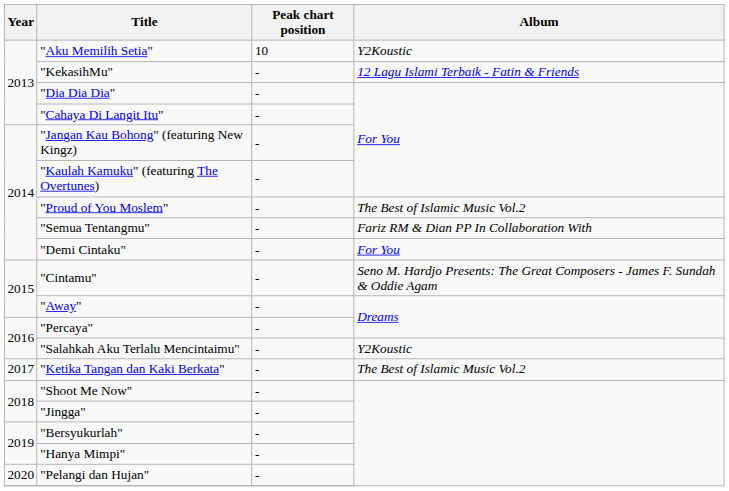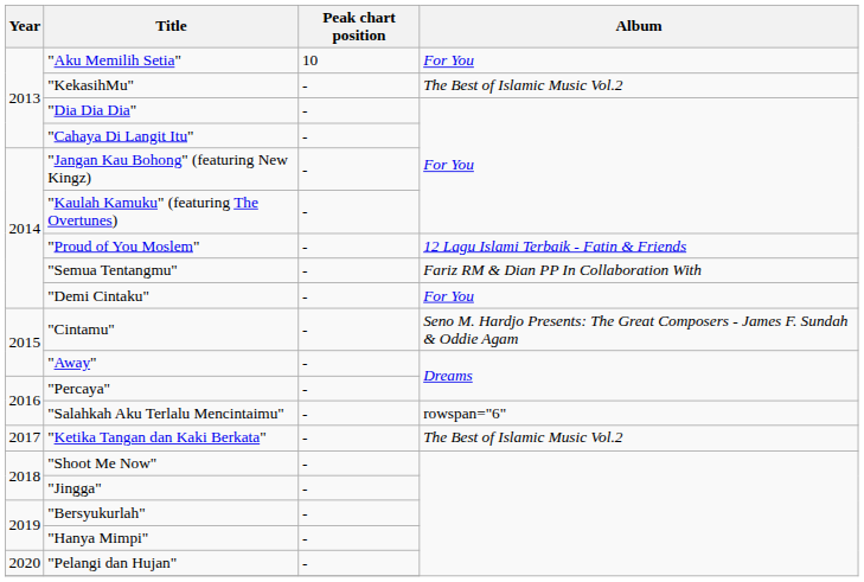 <table class="wikitable plainrowheaders">
 <tr>
 <th width="1em">Year</th>
 <th>Title</th>
 <th>Peak chart position</th>
 <th>Album</th>
 </tr>
 <tr>
 <td rowspan="4">2013</td>
 <td>"<a href='#'>Aku Memilih Setia</a>"</td>
 <td>10</td>
-<td><em>Y2Koustic</em></td>
+<td rowspan="1"><em><a href='#'>For You</a></em></td>
 </tr>
 <tr>
 <td>"KekasihMu"</td>
 <td>-</td>
-<td><em><a href='#'>12 Lagu Islami Terbaik - Fatin & Friends</a></em></td>
+<td><em>The Best of Islamic Music Vol.2</em></td>
 </tr>
 <tr>
 <td>"<a href='#'>Dia Dia Dia</a>"</td>
 <td>-</td>
 <td rowspan="4"><em><a href='#'>For You</a></em></td>
 </tr>
 <tr>
 <td>"<a href='#'>Cahaya Di Langit Itu</a>"</td>
 <td>-</td>
 </tr>
 <tr>
 <td rowspan="5">2014</td>
 <td>"<a href='#'>Jangan Kau Bohong</a>" (featuring New Kingz)</td>
 <td>-</td>
 </tr>
 <tr>
 <td>"<a href='#'>Kaulah Kamuku</a>" (featuring <a href='#'>The Overtunes</a>)</td>
 <td>-</td>
 </tr>
 <tr>
 <td>"<a href='#'>Proud of You Moslem</a>"</td>
 <td>-</td>
-<td><em>The Best of Islamic Music Vol.2</em></td>
+<td><em><a href='#'>12 Lagu Islami Terbaik - Fatin & Friends</a></em></td>
 </tr>
 <tr>
 <td>"Semua Tentangmu"</td>
 <td>-</td>
 <td><em>Fariz RM & Dian PP In Collaboration With</em></td>
 </tr>
 <tr>
 <td>"Demi Cintaku"</td>
 <td>-</td>
 <td><em><a href='#'>For You</a></em></td>
 </tr>
 <tr>
 <td rowspan="2">2015</td>
 <td>"Cintamu"</td>
 <td>-</td>
 <td><em>Seno M. Hardjo Presents: The Great Composers - James F. Sundah & Oddie Agam</em></td>
 </tr>
 <tr>
 <td>"<a href='#'>Away</a>"</td>
 <td>-</td>
 <td rowspan="2"><em><a href='#'>Dreams</a></em></td>
 </tr>
 <tr>
 <td rowspan="2">2016</td>
 <td>"Percaya"</td>
 <td>-</td>
 </tr>
 <tr>
 <td>"Salahkah Aku Terlalu Mencintaimu"</td>
 <td>-</td>
-<td><em>Y2Koustic</em></td>
+<td>rowspan="6" </td>
 </tr>
 <tr>
 <td rowspan="1">2017</td>
 <td>"<a href='#'>Ketika Tangan dan Kaki Berkata</a>"</td>
 <td>-</td>
 <td><em>The Best of Islamic Music Vol.2</em></td>
 </tr>
 <tr>
 <td rowspan="2">2018</td>
 <td>"Shoot Me Now"</td>
 <td>-</td>
 </tr>
 <tr>
 <td>"Jingga"</td>
 <td>-</td>
 </tr>
 <tr>
 <td rowspan="2">2019</td>
 <td>"Bersyukurlah"</td>
 <td>-</td>
 </tr>
 <tr>
 <td>"Hanya Mimpi"</td>
 <td>-</td>
 </tr>
 <tr>
 <td>2020</td>
 <td>"Pelangi dan Hujan"</td>
 <td>-</td>
 </tr>
 <tr>
 </tr>
 </table>
